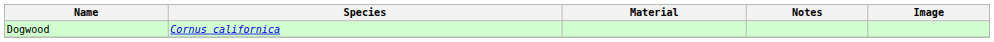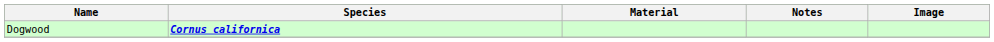 <table class="wikitable" align="center" width="100%" style="background:#D1FFCF;">
 <tr>
 <th>Name</th>
 <th>Species</th>
 <th>Material</th>
 <th>Notes</th>
 <th>Image</th>
 </tr>
 <tr>
 <td>Dogwood</td>
-<td><em><a href='#'>Cornus californica</a></em></td>
+<td><strong><em><a href='#'>Cornus californica</a></em></strong></td>
 <td></td>
 <td></td>
 <td></td>
 </tr>
 <tr>
 </tr>
 </table>
